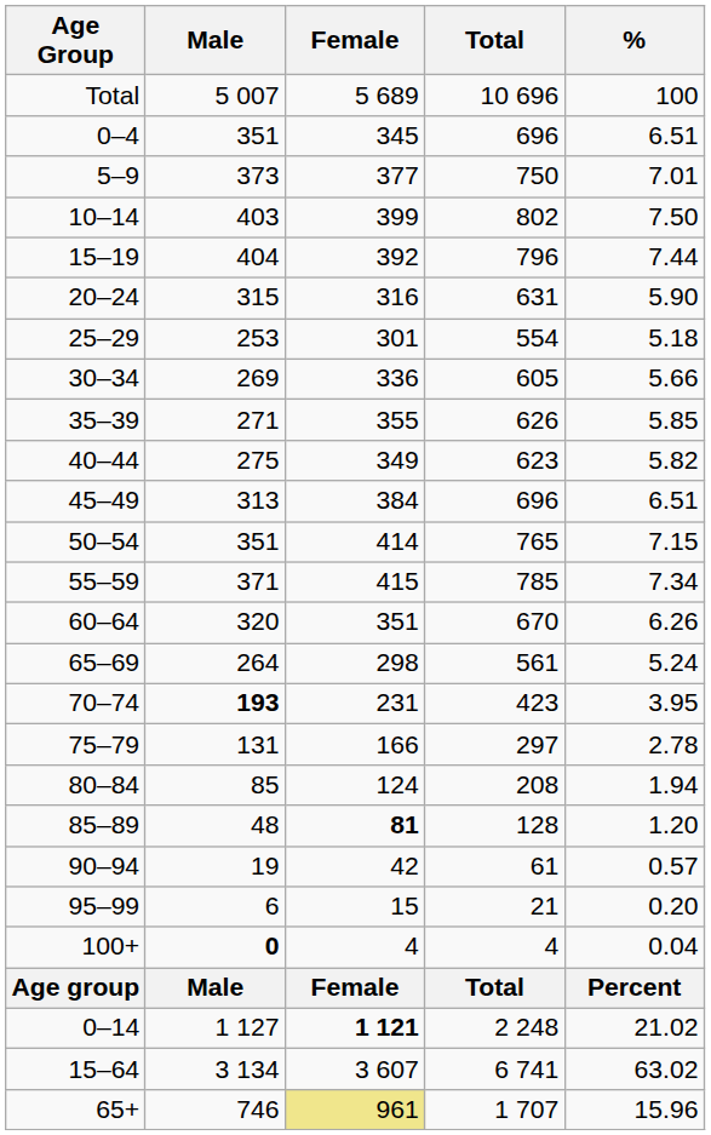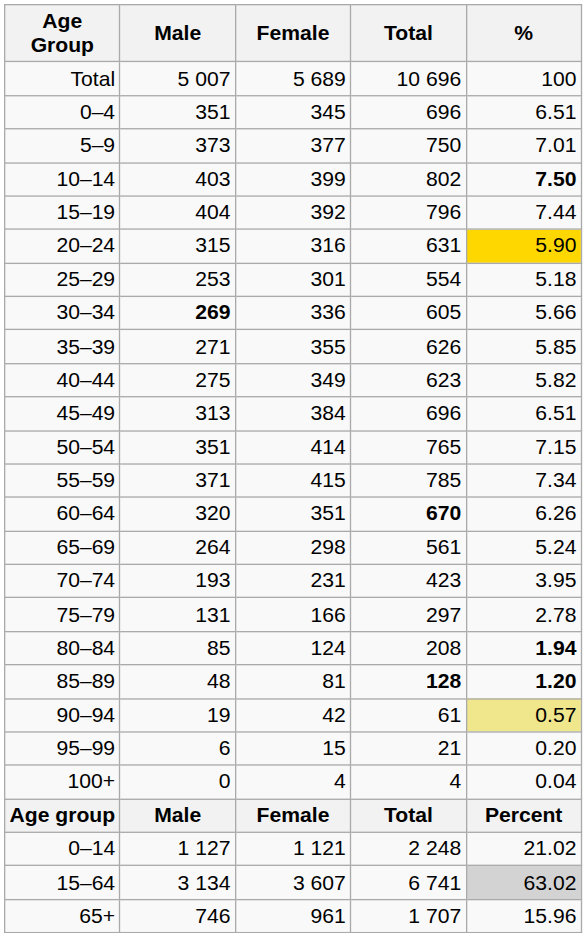 <table class="wikitable">
 <tr>
 <th width="80pt">Age Group</th>
 <th width="80pt">Male</th>
 <th width="80pt">Female</th>
 <th width="80pt">Total</th>
 <th width="80pt">%</th>
 </tr>
 <tr>
 <td align="right">Total</td>
 <td align="right">5 007</td>
 <td align="right">5 689</td>
 <td align="right">10 696</td>
 <td align="right">100</td>
 </tr>
 <tr>
 <td align="right">0–4</td>
 <td align="right">351</td>
 <td align="right">345</td>
 <td align="right">696</td>
 <td align="right">6.51</td>
 </tr>
 <tr>
 <td align="right">5–9</td>
 <td align="right">373</td>
 <td align="right">377</td>
 <td align="right">750</td>
 <td align="right">7.01</td>
 </tr>
 <tr>
 <td align="right">10–14</td>
 <td align="right">403</td>
 <td align="right">399</td>
 <td align="right">802</td>
-<td align="right">7.50</td>
+<td align="right"><strong>7.50</strong></td>
 </tr>
 <tr>
 <td align="right">15–19</td>
 <td align="right">404</td>
 <td align="right">392</td>
 <td align="right">796</td>
 <td align="right">7.44</td>
 </tr>
 <tr>
 <td align="right">20–24</td>
 <td align="right">315</td>
 <td align="right">316</td>
 <td align="right">631</td>
-<td align="right">5.90</td>
+<td align="right" style="background: gold;">5.90</td>
 </tr>
 <tr>
 <td align="right">25–29</td>
 <td align="right">253</td>
 <td align="right">301</td>
 <td align="right">554</td>
 <td align="right">5.18</td>
 </tr>
 <tr>
 <td align="right">30–34</td>
-<td align="right">269</td>
+<td align="right"><strong>269</strong></td>
 <td align="right">336</td>
 <td align="right">605</td>
 <td align="right">5.66</td>
 </tr>
 <tr>
 <td align="right">35–39</td>
 <td align="right">271</td>
 <td align="right">355</td>
 <td align="right">626</td>
 <td align="right">5.85</td>
 </tr>
 <tr>
 <td align="right">40–44</td>
 <td align="right">275</td>
 <td align="right">349</td>
 <td align="right">623</td>
 <td align="right">5.82</td>
 </tr>
 <tr>
 <td align="right">45–49</td>
 <td align="right">313</td>
 <td align="right">384</td>
 <td align="right">696</td>
 <td align="right">6.51</td>
 </tr>
 <tr>
 <td align="right">50–54</td>
 <td align="right">351</td>
 <td align="right">414</td>
 <td align="right">765</td>
 <td align="right">7.15</td>
 </tr>
 <tr>
 <td align="right">55–59</td>
 <td align="right">371</td>
 <td align="right">415</td>
 <td align="right">785</td>
 <td align="right">7.34</td>
 </tr>
 <tr>
 <td align="right">60–64</td>
 <td align="right">320</td>
 <td align="right">351</td>
-<td align="right">670</td>
+<td align="right"><strong>670</strong></td>
 <td align="right">6.26</td>
 </tr>
 <tr>
 <td align="right">65–69</td>
 <td align="right">264</td>
 <td align="right">298</td>
 <td align="right">561</td>
 <td align="right">5.24</td>
 </tr>
 <tr>
 <td align="right">70–74</td>
-<td align="right"><strong>193</strong></td>
+<td align="right">193</td>
 <td align="right">231</td>
 <td align="right">423</td>
 <td align="right">3.95</td>
 </tr>
 <tr>
 <td align="right">75–79</td>
 <td align="right">131</td>
 <td align="right">166</td>
 <td align="right">297</td>
 <td align="right">2.78</td>
 </tr>
 <tr>
 <td align="right">80–84</td>
 <td align="right">85</td>
 <td align="right">124</td>
 <td align="right">208</td>
-<td align="right">1.94</td>
+<td align="right"><strong>1.94</strong></td>
 </tr>
 <tr>
 <td align="right">85–89</td>
 <td align="right">48</td>
-<td align="right"><strong>81</strong></td>
-<td align="right">128</td>
-<td align="right">1.20</td>
+<td align="right">81</td>
+<td align="right"><strong>128</strong></td>
+<td align="right"><strong>1.20</strong></td>
 </tr>
 <tr>
 <td align="right">90–94</td>
 <td align="right">19</td>
 <td align="right">42</td>
 <td align="right">61</td>
-<td align="right">0.57</td>
+<td align="right" style="background: khaki;">0.57</td>
 </tr>
 <tr>
 <td align="right">95–99</td>
 <td align="right">6</td>
 <td align="right">15</td>
 <td align="right">21</td>
 <td align="right">0.20</td>
 </tr>
 <tr>
 <td align="right">100+</td>
-<td align="right"><strong>0</strong></td>
+<td align="right">0</td>
 <td align="right">4</td>
 <td align="right">4</td>
 <td align="right">0.04</td>
 </tr>
 <tr>
 <th width="50">Age group</th>
 <th width="80pt">Male</th>
 <th width="80">Female</th>
 <th width="80">Total</th>
 <th width="50">Percent</th>
 </tr>
 <tr>
 <td align="right">0–14</td>
 <td align="right">1 127</td>
-<td align="right"><strong>1 121</strong></td>
+<td align="right">1 121</td>
 <td align="right">2 248</td>
 <td align="right">21.02</td>
 </tr>
 <tr>
 <td align="right">15–64</td>
 <td align="right">3 134</td>
 <td align="right">3 607</td>
 <td align="right">6 741</td>
-<td align="right">63.02</td>
+<td align="right" style="background: lightgrey;">63.02</td>
 </tr>
 <tr>
 <td align="right">65+</td>
 <td align="right">746</td>
-<td align="right" style="background: khaki;">961</td>
+<td align="right">961</td>
 <td align="right">1 707</td>
 <td align="right">15.96</td>
 </tr>
 <tr>
 </tr>
 </table>
